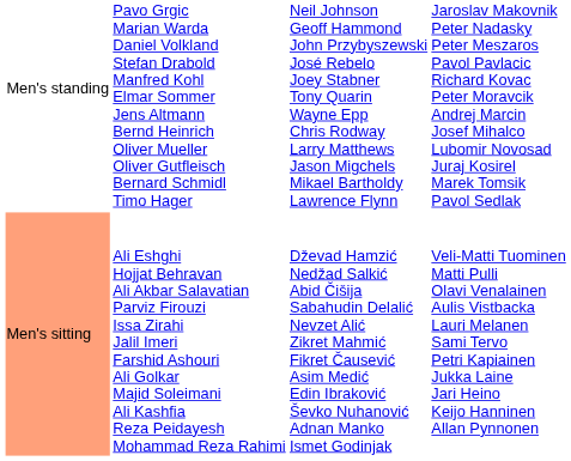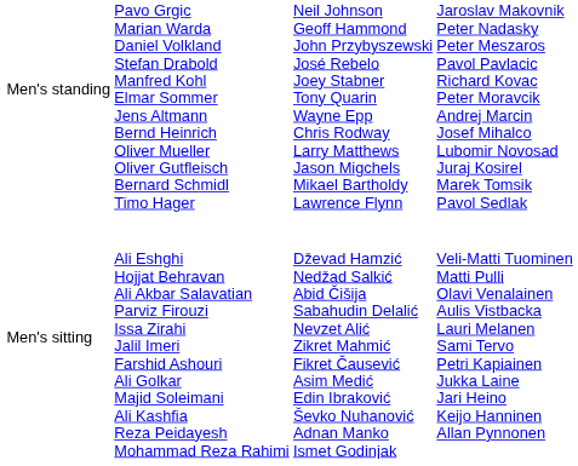 <table>
 <tr>
 <td>Men's standing<br></td>
 <td valign=top> <br><br><a href='#'>Pavo Grgic</a> <br> <a href='#'>Marian Warda</a> <br> <a href='#'>Daniel Volkland</a> <br> <a href='#'>Stefan Drabold</a> <br> <a href='#'>Manfred Kohl</a> <br> <a href='#'>Elmar Sommer</a> <br> <a href='#'>Jens Altmann</a> <br> <a href='#'>Bernd Heinrich</a> <br> <a href='#'>Oliver Mueller</a> <br> <a href='#'>Oliver Gutfleisch</a> <br> <a href='#'>Bernard Schmidl</a> <br> <a href='#'>Timo Hager</a></td>
 <td valign=top> <br><br><a href='#'>Neil Johnson</a> <br> <a href='#'>Geoff Hammond</a> <br> <a href='#'>John Przybyszewski</a> <br> <a href='#'>José Rebelo</a> <br> <a href='#'>Joey Stabner</a> <br> <a href='#'>Tony Quarin</a> <br> <a href='#'>Wayne Epp</a> <br> <a href='#'>Chris Rodway</a> <br> <a href='#'>Larry Matthews</a> <br> <a href='#'>Jason Migchels</a> <br> <a href='#'>Mikael Bartholdy</a> <br> <a href='#'>Lawrence Flynn</a></td>
 <td valign=top> <br><br><a href='#'>Jaroslav Makovnik</a> <br> <a href='#'>Peter Nadasky</a> <br> <a href='#'>Peter Meszaros</a> <br> <a href='#'>Pavol Pavlacic</a> <br> <a href='#'>Richard Kovac</a> <br> <a href='#'>Peter Moravcik</a> <br> <a href='#'>Andrej Marcin</a> <br> <a href='#'>Josef Mihalco</a> <br> <a href='#'>Lubomir Novosad</a> <br> <a href='#'>Juraj Kosirel</a> <br> <a href='#'>Marek Tomsik</a> <br> <a href='#'>Pavol Sedlak</a></td>
 </tr>
 <tr>
-<td style="background: lightsalmon;">Men's sitting<br></td>
+<td>Men's sitting<br></td>
 <td valign=top> <br><br><a href='#'>Ali Eshghi</a> <br> <a href='#'>Hojjat Behravan</a> <br> <a href='#'>Ali Akbar Salavatian</a> <br> <a href='#'>Parviz Firouzi</a> <br> <a href='#'>Issa Zirahi</a> <br> <a href='#'>Jalil Imeri</a> <br> <a href='#'>Farshid Ashouri</a> <br> <a href='#'>Ali Golkar</a> <br> <a href='#'>Majid Soleimani</a> <br> <a href='#'>Ali Kashfia</a> <br> <a href='#'>Reza Peidayesh</a> <br> <a href='#'>Mohammad Reza Rahimi</a></td>
 <td valign=top> <br><br><a href='#'>Dževad Hamzić</a> <br> <a href='#'>Nedžad Salkić</a> <br> <a href='#'>Abid Čišija</a> <br> <a href='#'>Sabahudin Delalić</a> <br> <a href='#'>Nevzet Alić</a> <br> <a href='#'>Zikret Mahmić</a> <br> <a href='#'>Fikret Čausević</a> <br> <a href='#'>Asim Medić</a> <br> <a href='#'>Edin Ibraković</a> <br> <a href='#'>Ševko Nuhanović</a> <br> <a href='#'>Adnan Manko</a> <br> <a href='#'>Ismet Godinjak</a></td>
 <td valign=top> <br><br><a href='#'>Veli-Matti Tuominen</a> <br> <a href='#'>Matti Pulli</a> <br> <a href='#'>Olavi Venalainen</a> <br> <a href='#'>Aulis Vistbacka</a> <br> <a href='#'>Lauri Melanen</a> <br> <a href='#'>Sami Tervo</a> <br> <a href='#'>Petri Kapiainen</a> <br> <a href='#'>Jukka Laine</a> <br> <a href='#'>Jari Heino</a> <br> <a href='#'>Keijo Hanninen</a> <br> <a href='#'>Allan Pynnonen</a></td>
 </tr>
 </table>
